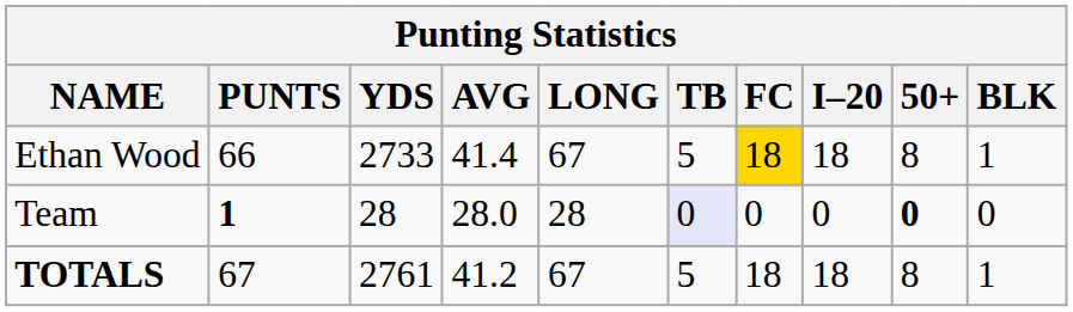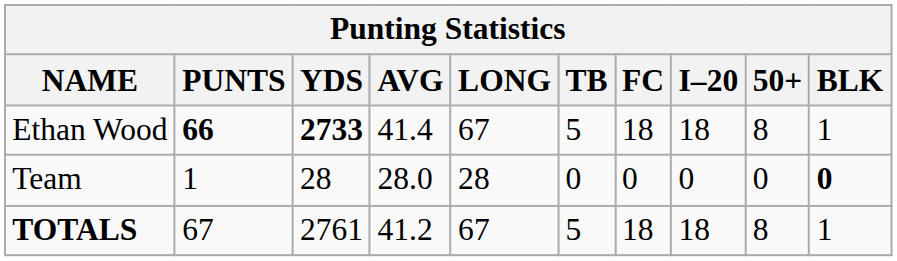 <table class="wikitable sortable collapsible collapsed">
 <tr>
 <th colspan="12">Punting Statistics</th>
 </tr>
 <tr>
 <th>NAME</th>
 <th>PUNTS</th>
 <th>YDS</th>
 <th>AVG</th>
 <th>LONG</th>
 <th>TB</th>
 <th>FC</th>
 <th>I–20</th>
 <th>50+</th>
 <th>BLK</th>
 </tr>
 <tr>
 <td>Ethan Wood</td>
-<td>66</td>
-<td>2733</td>
+<td><strong>66</strong></td>
+<td><strong>2733</strong></td>
 <td>41.4</td>
 <td>67</td>
 <td>5</td>
-<td style="background: gold;">18</td>
+<td>18</td>
 <td>18</td>
 <td>8</td>
 <td>1</td>
 </tr>
 <tr>
 <td>Team</td>
-<td><strong>1</strong></td>
+<td>1</td>
 <td>28</td>
 <td>28.0</td>
 <td>28</td>
-<td style="background: lavender;">0</td>
+<td>0</td>
+<td>0</td>
 <td>0</td>
 <td>0</td>
 <td><strong>0</strong></td>
-<td>0</td>
 </tr>
 <tr>
 <td><strong>TOTALS</strong></td>
 <td>67</td>
 <td>2761</td>
 <td>41.2</td>
 <td>67</td>
 <td>5</td>
 <td>18</td>
 <td>18</td>
 <td>8</td>
 <td>1</td>
 </tr>
 </table>
